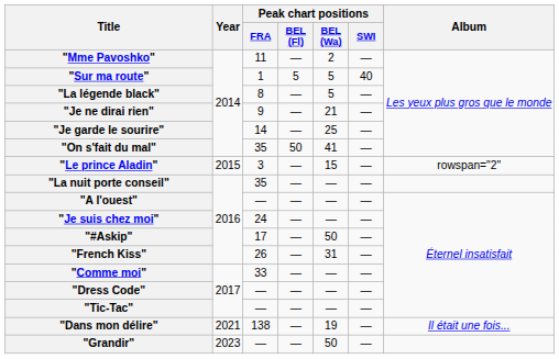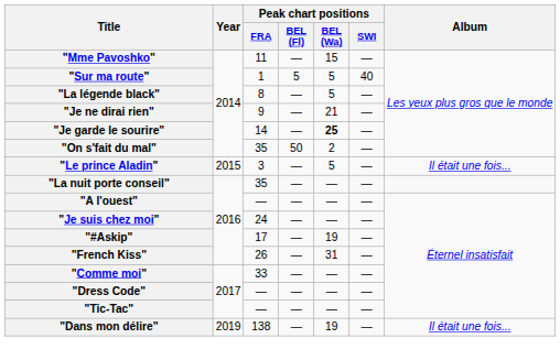 <table class="wikitable plainrowheaders" style="text-align:center;">
 <tr>
 <th scope="col" rowspan="2" style="width:18em;">Title</th>
 <th scope="col" rowspan="2">Year</th>
 <th scope="col" colspan="4">Peak chart positions</th>
 <th scope="col" rowspan="2">Album</th>
 </tr>
 <tr>
 <th scope="col" style="width:3em;font-size:90%;"><a href='#'>FRA</a><br></th>
 <th scope="col" style="width:3em;font-size:90%;"><a href='#'>BEL <br>(Fl)</a><br></th>
 <th scope="col" style="width:3em;font-size:90%;"><a href='#'>BEL <br>(Wa)</a><br></th>
 <th scope="col" style="width:3em;font-size:90%;"><a href='#'>SWI</a><br></th>
 </tr>
 <tr>
 <th scope="row">"<a href='#'>Mme Pavoshko</a>"</th>
 <td rowspan="6">2014</td>
 <td>11</td>
 <td>—</td>
-<td>2</td>
+<td>15</td>
 <td>—</td>
 <td rowspan="6"><em><a href='#'>Les yeux plus gros que le monde</a></em></td>
 </tr>
 <tr>
 <th scope="row">"<a href='#'>Sur ma route</a>"</th>
 <td>1</td>
 <td>5</td>
 <td>5</td>
 <td>40</td>
 </tr>
 <tr>
 <th scope="row">"La légende black" <br> </th>
 <td>8</td>
 <td>—</td>
 <td>5</td>
 <td>—</td>
 </tr>
 <tr>
 <th scope="row">"Je ne dirai rien" <br> </th>
 <td>9</td>
 <td>—</td>
 <td>21</td>
 <td>—</td>
 </tr>
 <tr>
 <th scope="row">"Je garde le sourire"</th>
 <td>14</td>
 <td>—</td>
-<td>25</td>
+<td><strong>25</strong></td>
 <td>—</td>
 </tr>
 <tr>
 <th scope="row">"On s'fait du mal"</th>
 <td>35</td>
 <td>50</td>
-<td>41</td>
+<td>2</td>
 <td>—</td>
 </tr>
 <tr>
 <th scope="row">"<a href='#'>Le prince Aladin</a>" <br> </th>
 <td>2015</td>
 <td>3</td>
 <td>—</td>
-<td>15</td>
+<td>5</td>
 <td>—</td>
-<td>rowspan="2" </td>
+<td><em><a href='#'>Il était une fois...</a></em></td>
 </tr>
 <tr>
 <th scope="row">"La nuit porte conseil"</th>
 <td rowspan="5">2016</td>
 <td>35</td>
 <td>—</td>
 <td>—</td>
 <td>—</td>
 </tr>
 <tr>
 <th scope="row">"A l'ouest" <br> </th>
 <td>—</td>
 <td>—</td>
 <td>—</td>
 <td>—</td>
 <td rowspan="7"><em><a href='#'>Éternel insatisfait</a></em></td>
 </tr>
 <tr>
 <th scope="row">"<a href='#'>Je suis chez moi</a>"</th>
 <td>24</td>
 <td>—</td>
 <td>—</td>
 <td>—</td>
 </tr>
 <tr>
 <th scope="row">"#Askip"</th>
 <td>17</td>
 <td>—</td>
-<td>50</td>
+<td>19</td>
 <td>—</td>
 </tr>
 <tr>
 <th scope="row">"French Kiss"</th>
 <td>26</td>
 <td>—</td>
 <td>31</td>
 <td>—</td>
 </tr>
 <tr>
 <th scope="row">"<a href='#'>Comme moi</a>"<br></th>
 <td rowspan="3">2017</td>
 <td>33</td>
 <td>—</td>
 <td>—</td>
 <td>—</td>
 </tr>
 <tr>
 <th scope="row">"Dress Code"<br></th>
 <td>—</td>
 <td>—</td>
 <td>—</td>
 <td>—</td>
 </tr>
 <tr>
 <th scope="row">"Tic-Tac"</th>
 <td>—</td>
 <td>—</td>
 <td>—</td>
 <td>—</td>
 </tr>
 <tr>
 <th scope="row">"Dans mon délire"<br></th>
-<td>2021</td>
+<td>2019</td>
 <td>138</td>
 <td>—</td>
 <td>19</td>
 <td>—</td>
 <td><em><a href='#'>Il était une fois...</a></em></td>
 </tr>
-<tr>
-<th scope="row">"Grandir"<br></th>
-<td>2023</td>
-<td>—</td>
-<td>—</td>
-<td>50</td>
-<td>—</td>
-<td></td>
-</tr>
 </table>
